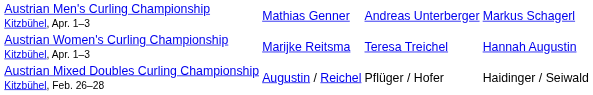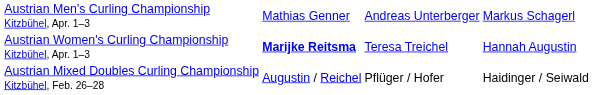 <table>
 <tr>
 <td><a href='#'>Austrian Men's Curling Championship</a> <br> <small><a href='#'>Kitzbühel</a>, Apr. 1–3</small></td>
 <td><a href='#'>Mathias Genner</a></td>
 <td><a href='#'>Andreas Unterberger</a></td>
 <td><a href='#'>Markus Schagerl</a></td>
 </tr>
 <tr>
 <td><a href='#'>Austrian Women's Curling Championship</a> <br> <small><a href='#'>Kitzbühel</a>, Apr. 1–3</small></td>
-<td><a href='#'>Marijke Reitsma</a></td>
+<td><strong><a href='#'>Marijke Reitsma</a></strong></td>
 <td><a href='#'>Teresa Treichel</a></td>
 <td><a href='#'>Hannah Augustin</a></td>
 </tr>
 <tr>
 <td><a href='#'>Austrian Mixed Doubles Curling Championship</a> <br> <small><a href='#'>Kitzbühel</a>, Feb. 26–28</small></td>
 <td><a href='#'>Augustin</a> / <a href='#'>Reichel</a></td>
 <td>Pflüger / Hofer</td>
 <td>Haidinger / Seiwald</td>
 </tr>
 </table>
